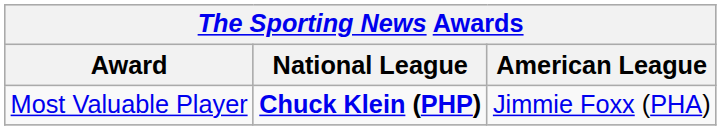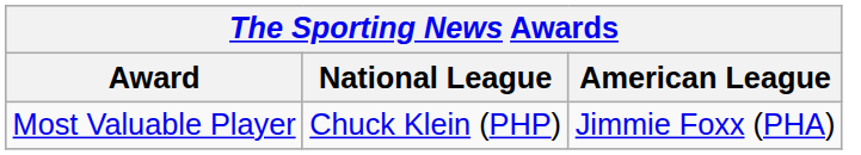 <table class="wikitable">
 <tr>
 <th colspan="3"><em><a href='#'>The Sporting News</a></em> <a href='#'>Awards</a></th>
 </tr>
 <tr>
 <th>Award</th>
 <th>National League</th>
 <th>American League</th>
 </tr>
 <tr>
 <td><a href='#'>Most Valuable Player</a></td>
-<td><strong><a href='#'>Chuck Klein</a> (<a href='#'>PHP</a>)</strong></td>
+<td><a href='#'>Chuck Klein</a> (<a href='#'>PHP</a>)</td>
 <td><a href='#'>Jimmie Foxx</a> (<a href='#'>PHA</a>)</td>
 </tr>
 </table>
